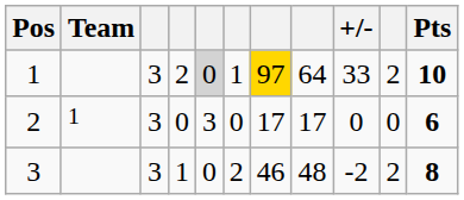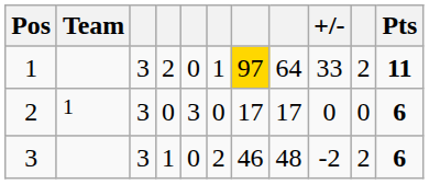 <table class="wikitable" style="text-align: center;">
 <tr>
 <th>Pos</th>
 <th>Team</th>
 <th></th>
 <th></th>
 <th></th>
 <th></th>
 <th></th>
 <th></th>
 <th>+/-</th>
 <th></th>
 <th>Pts</th>
 </tr>
 <tr>
 <td>1</td>
 <td align="left"></td>
 <td>3</td>
 <td>2</td>
-<td style="background: lightgrey;">0</td>
+<td>0</td>
 <td>1</td>
 <td style="background: gold;">97</td>
 <td>64</td>
 <td>33</td>
 <td>2</td>
-<td><strong>10</strong></td>
+<td><strong>11</strong></td>
 </tr>
 <tr>
 <td>2</td>
 <td align="left"><sup>1</sup></td>
 <td>3</td>
 <td>0</td>
 <td>3</td>
 <td>0</td>
 <td>17</td>
 <td>17</td>
 <td>0</td>
 <td>0</td>
 <td><strong>6</strong></td>
 </tr>
 <tr>
 <td>3</td>
 <td align="left"></td>
 <td>3</td>
 <td>1</td>
 <td>0</td>
 <td>2</td>
 <td>46</td>
 <td>48</td>
 <td>-2</td>
 <td>2</td>
-<td><strong>8</strong></td>
+<td><strong>6</strong></td>
 </tr>
 </table>
